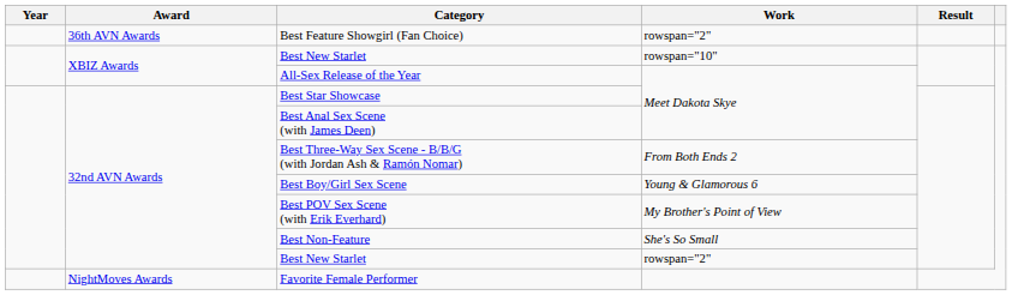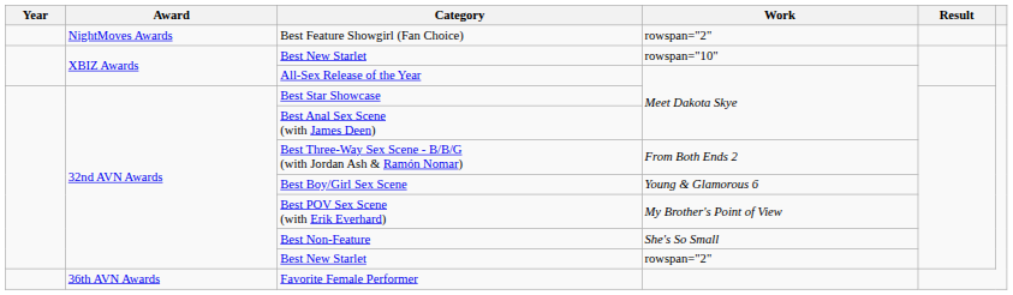 <table class="wikitable sortable" style="width:100%;">
 <tr>
 <th>Year</th>
 <th>Award</th>
 <th>Category</th>
 <th>Work</th>
 <th>Result</th>
 <th></th>
 </tr>
 <tr>
 <td></td>
-<td><a href='#'>36th AVN Awards</a></td>
+<td><a href='#'>NightMoves Awards</a></td>
 <td>Best Feature Showgirl (Fan Choice)</td>
 <td>rowspan="2"</td>
 <td></td>
 <td align="center"></td>
 </tr>
 <tr>
 <td rowspan="2"></td>
 <td rowspan="2"><a href='#'>XBIZ Awards</a></td>
 <td><a href='#'>Best New Starlet</a></td>
 <td>rowspan="10"</td>
 <td align="center"; rowspan="2"></td>
 </tr>
 <tr>
 <td><a href='#'>All-Sex Release of the Year</a></td>
 <td rowspan="3"><em>Meet Dakota Skye</em></td>
 </tr>
 <tr>
 <td rowspan="7"></td>
 <td rowspan="7"><a href='#'>32nd AVN Awards</a></td>
 <td><a href='#'>Best Star Showcase</a></td>
 <td align="center"; rowspan="7"></td>
 </tr>
 <tr>
 <td><a href='#'>Best Anal Sex Scene</a><br>(with <a href='#'>James Deen</a>)</td>
 </tr>
 <tr>
 <td><a href='#'>Best Three-Way Sex Scene - B/B/G</a><br>(with Jordan Ash & <a href='#'>Ramón Nomar</a>)</td>
 <td><em>From Both Ends 2</em></td>
 </tr>
 <tr>
 <td><a href='#'>Best Boy/Girl Sex Scene</a></td>
 <td><em>Young & Glamorous 6</em></td>
 </tr>
 <tr>
 <td><a href='#'>Best POV Sex Scene</a><br>(with <a href='#'>Erik Everhard</a>)</td>
 <td><em>My Brother's Point of View</em></td>
 </tr>
 <tr>
 <td><a href='#'>Best Non-Feature</a></td>
 <td><em>She's So Small</em></td>
 </tr>
 <tr>
 <td><a href='#'>Best New Starlet</a></td>
 <td>rowspan="2"</td>
 </tr>
 <tr>
 <td></td>
-<td><a href='#'>NightMoves Awards</a></td>
+<td><a href='#'>36th AVN Awards</a></td>
 <td><a href='#'>Favorite Female Performer</a></td>
 <td align="center"></td>
 </tr>
 </table>
